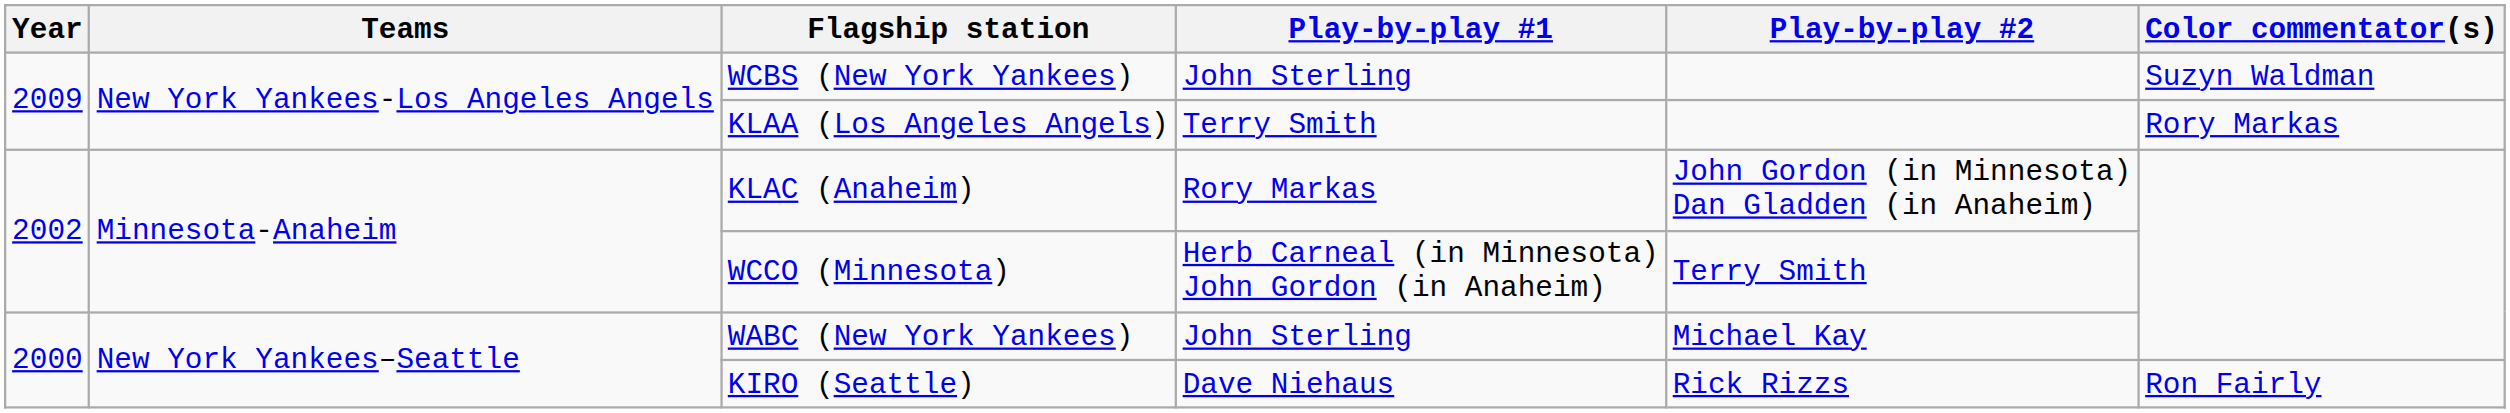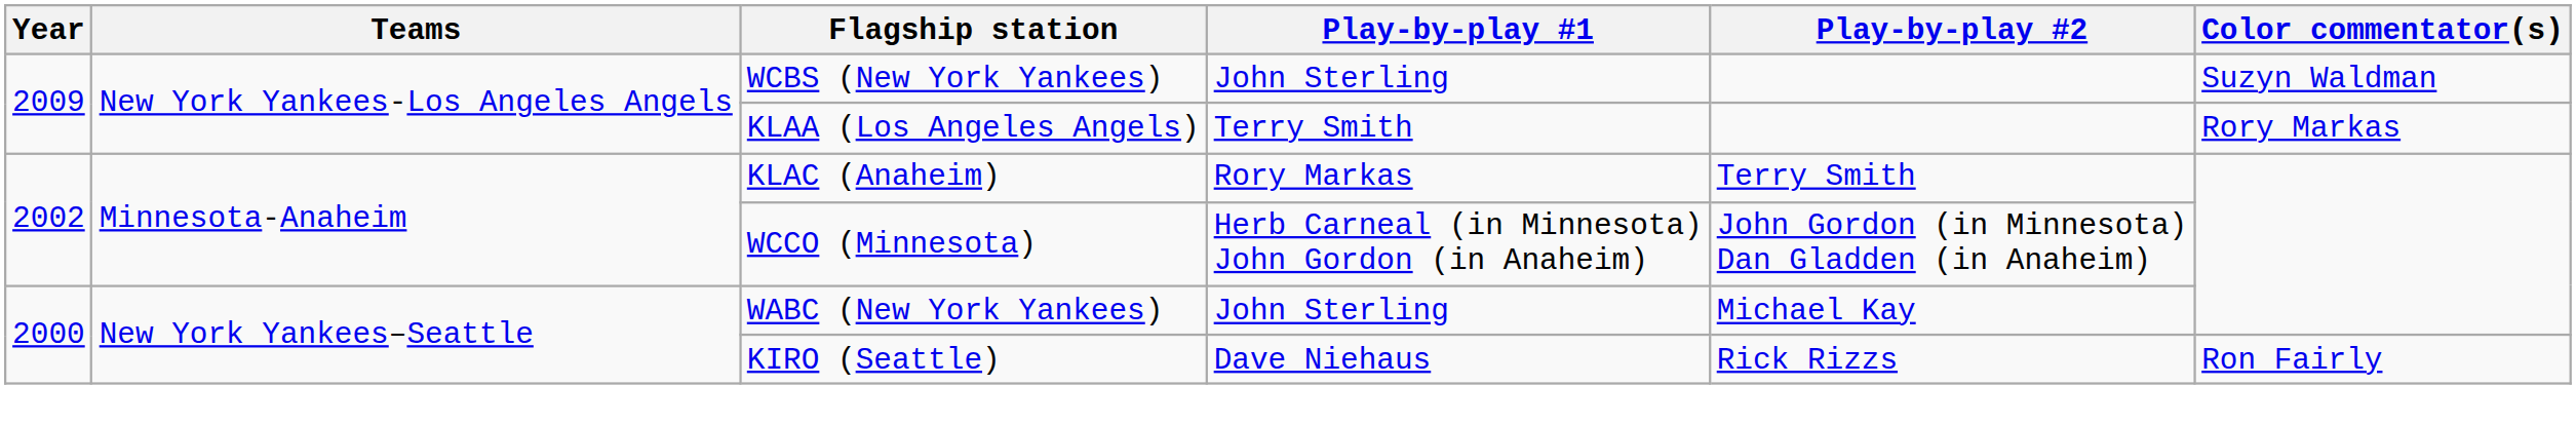 <table class="wikitable">
 <tr>
 <th>Year</th>
 <th>Teams</th>
 <th>Flagship station</th>
 <th><a href='#'>Play-by-play #1</a></th>
 <th><a href='#'>Play-by-play #2</a></th>
 <th><a href='#'>Color commentator</a>(s)</th>
 </tr>
 <tr>
 <td rowspan="2"><a href='#'>2009</a></td>
 <td rowspan="2"><a href='#'>New York Yankees</a>-<a href='#'>Los Angeles Angels</a></td>
 <td><a href='#'>WCBS</a> (<a href='#'>New York Yankees</a>)</td>
 <td><a href='#'>John Sterling</a></td>
 <td></td>
 <td><a href='#'>Suzyn Waldman</a></td>
 </tr>
 <tr>
 <td><a href='#'>KLAA</a> (<a href='#'>Los Angeles Angels</a>)</td>
 <td><a href='#'>Terry Smith</a></td>
 <td></td>
 <td><a href='#'>Rory Markas</a></td>
 </tr>
 <tr>
 <td rowspan="2"><a href='#'>2002</a></td>
 <td rowspan="2"><a href='#'>Minnesota</a>-<a href='#'>Anaheim</a></td>
 <td><a href='#'>KLAC</a> (<a href='#'>Anaheim</a>)</td>
 <td><a href='#'>Rory Markas</a></td>
-<td><a href='#'>John Gordon</a> (in Minnesota)<br><a href='#'>Dan Gladden</a> (in Anaheim)</td>
+<td><a href='#'>Terry Smith</a></td>
 </tr>
 <tr>
 <td><a href='#'>WCCO</a> (<a href='#'>Minnesota</a>)</td>
 <td><a href='#'>Herb Carneal</a> (in Minnesota)<br><a href='#'>John Gordon</a> (in Anaheim)</td>
-<td><a href='#'>Terry Smith</a></td>
+<td><a href='#'>John Gordon</a> (in Minnesota)<br><a href='#'>Dan Gladden</a> (in Anaheim)</td>
 </tr>
 <tr>
 <td rowspan="2"><a href='#'>2000</a></td>
 <td rowspan="2"><a href='#'>New York Yankees</a>–<a href='#'>Seattle</a></td>
 <td><a href='#'>WABC</a> (<a href='#'>New York Yankees</a>)</td>
 <td><a href='#'>John Sterling</a></td>
 <td><a href='#'>Michael Kay</a></td>
 </tr>
 <tr>
 <td><a href='#'>KIRO</a> (<a href='#'>Seattle</a>)</td>
 <td><a href='#'>Dave Niehaus</a></td>
 <td><a href='#'>Rick Rizzs</a></td>
 <td><a href='#'>Ron Fairly</a></td>
 </tr>
 </table>
